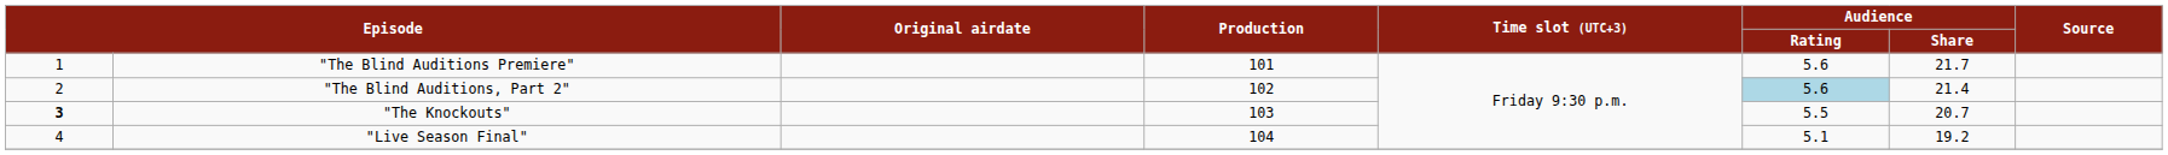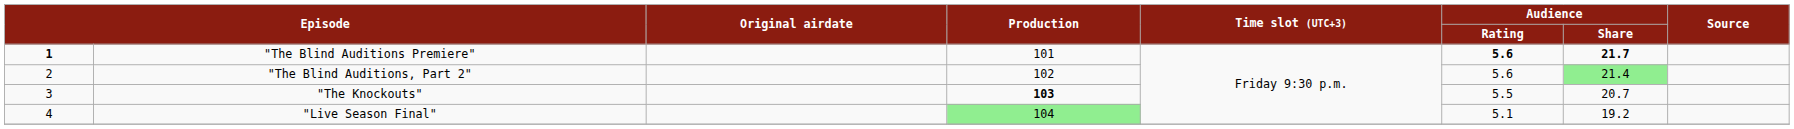 <table class="wikitable" style="text-align:center; line-height:16px; width:100%;">
 <tr>
 <th style="background:#8b1c10; color:white;" colspan="2" rowspan="2">Episode</th>
 <th style="background:#8b1c10; color:white;" rowspan="2">Original airdate</th>
 <th style="background:#8b1c10; color:white;" rowspan="2">Production</th>
 <th style="background:#8b1c10; color:white;" rowspan="2">Time slot <small>(UTC+3)</small></th>
 <th style="background:#8b1c10; color:white;" colspan="2">Audience</th>
 <th style="background:#8b1c10; color:white;" rowspan="2">Source</th>
 </tr>
 <tr>
 <th style="background:#8b1c10; color:white;">Rating</th>
 <th style="background:#8b1c10; color:white;">Share</th>
 </tr>
 <tr>
-<td style="width:05%;">1</td>
+<td style="width:05%;"><strong>1</strong></td>
 <td>"The Blind Auditions Premiere"</td>
 <td></td>
 <td>101</td>
 <td rowspan=4>Friday 9:30 p.m.</td>
-<td>5.6</td>
-<td>21.7</td>
+<td><strong>5.6</strong></td>
+<td><strong>21.7</strong></td>
 <td></td>
 </tr>
 <tr>
 <td style="width:05%;">2</td>
 <td>"The Blind Auditions, Part 2"</td>
 <td></td>
 <td>102</td>
-<td style="background: lightblue;">5.6</td>
-<td>21.4</td>
+<td>5.6</td>
+<td style="background: lightgreen;">21.4</td>
 <td></td>
 </tr>
 <tr>
-<td style="width:05%;"><strong>3</strong></td>
+<td style="width:05%;">3</td>
 <td>"The Knockouts"</td>
 <td></td>
-<td>103</td>
+<td><strong>103</strong></td>
 <td>5.5</td>
 <td>20.7</td>
 <td></td>
 </tr>
 <tr>
 <td style="width:05%;">4</td>
 <td>"Live Season Final"</td>
 <td></td>
-<td>104</td>
+<td style="background: lightgreen;">104</td>
 <td>5.1</td>
 <td>19.2</td>
 <td></td>
 </tr>
 <tr>
 </tr>
 </table>
